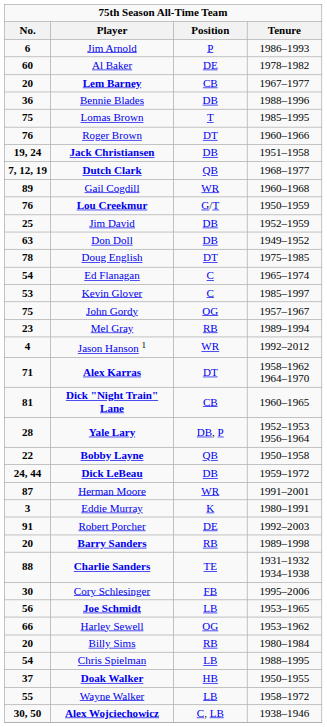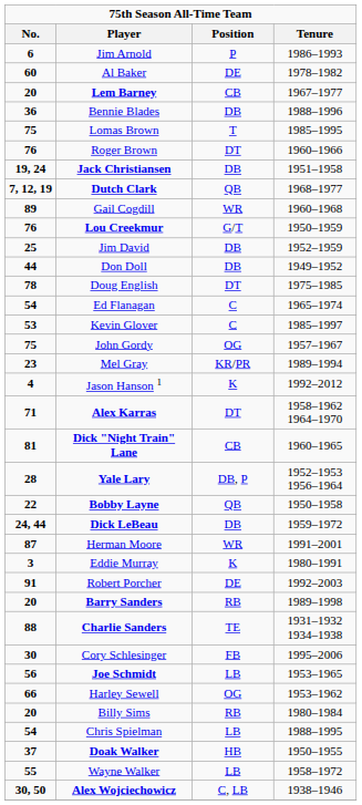 <table class="wikitable sortable" style="text-align:center">
 <tr>
 <td colspan="5"><strong>75th Season All-Time Team</strong></td>
 </tr>
 <tr>
 <th width=60px>No.</th>
 <th width=170px>Player</th>
 <th width=100px>Position</th>
 <th width=100px>Tenure</th>
 </tr>
 <tr>
 <td><strong>6</strong></td>
 <td><a href='#'>Jim Arnold</a></td>
 <td><a href='#'>P</a></td>
 <td>1986–1993</td>
 </tr>
 <tr>
 <td><strong>60</strong></td>
 <td><a href='#'>Al Baker</a></td>
 <td><a href='#'>DE</a></td>
 <td>1978–1982</td>
 </tr>
 <tr>
 <td><strong>20</strong></td>
 <td><strong><a href='#'>Lem Barney</a></strong></td>
 <td><a href='#'>CB</a></td>
 <td>1967–1977</td>
 </tr>
 <tr>
 <td><strong>36</strong></td>
 <td><a href='#'>Bennie Blades</a></td>
 <td><a href='#'>DB</a></td>
 <td>1988–1996</td>
 </tr>
 <tr>
 <td><strong>75</strong></td>
 <td><a href='#'>Lomas Brown</a></td>
 <td><a href='#'>T</a></td>
 <td>1985–1995</td>
 </tr>
 <tr>
 <td><strong>76</strong></td>
 <td><a href='#'>Roger Brown</a></td>
 <td><a href='#'>DT</a></td>
 <td>1960–1966</td>
 </tr>
 <tr>
 <td><strong>19, 24</strong></td>
 <td><strong><a href='#'>Jack Christiansen</a></strong></td>
 <td><a href='#'>DB</a></td>
 <td>1951–1958</td>
 </tr>
 <tr>
 <td><strong>7, 12, 19</strong></td>
 <td><strong><a href='#'>Dutch Clark</a></strong></td>
 <td><a href='#'>QB</a></td>
 <td>1968–1977</td>
 </tr>
 <tr>
 <td><strong>89</strong></td>
 <td><a href='#'>Gail Cogdill</a></td>
 <td><a href='#'>WR</a></td>
 <td>1960–1968</td>
 </tr>
 <tr>
 <td><strong>76</strong></td>
 <td><strong><a href='#'>Lou Creekmur</a></strong></td>
 <td><a href='#'>G</a>/<a href='#'>T</a></td>
 <td>1950–1959</td>
 </tr>
 <tr>
 <td><strong>25</strong></td>
 <td><a href='#'>Jim David</a></td>
 <td><a href='#'>DB</a></td>
 <td>1952–1959</td>
 </tr>
 <tr>
-<td><strong>63</strong></td>
+<td><strong>44</strong></td>
 <td><a href='#'>Don Doll</a></td>
 <td><a href='#'>DB</a></td>
 <td>1949–1952</td>
 </tr>
 <tr>
 <td><strong>78</strong></td>
 <td><a href='#'>Doug English</a></td>
 <td><a href='#'>DT</a></td>
 <td>1975–1985</td>
 </tr>
 <tr>
 <td><strong>54</strong></td>
 <td><a href='#'>Ed Flanagan</a></td>
 <td><a href='#'>C</a></td>
 <td>1965–1974</td>
 </tr>
 <tr>
 <td><strong>53</strong></td>
 <td><a href='#'>Kevin Glover</a></td>
 <td><a href='#'>C</a></td>
 <td>1985–1997</td>
 </tr>
 <tr>
 <td><strong>75</strong></td>
 <td><a href='#'>John Gordy</a></td>
 <td><a href='#'>OG</a></td>
 <td>1957–1967</td>
 </tr>
 <tr>
 <td><strong>23</strong></td>
 <td><a href='#'>Mel Gray</a></td>
-<td><a href='#'>RB</a></td>
+<td><a href='#'>KR</a>/<a href='#'>PR</a></td>
 <td>1989–1994</td>
 </tr>
 <tr>
 <td><strong>4</strong></td>
 <td><a href='#'>Jason Hanson</a> <sup>1</sup></td>
-<td><a href='#'>WR</a></td>
+<td><a href='#'>K</a></td>
 <td>1992–2012</td>
 </tr>
 <tr>
 <td><strong>71</strong></td>
 <td><strong><a href='#'>Alex Karras</a></strong></td>
 <td><a href='#'>DT</a></td>
 <td>1958–1962 <br>1964–1970</td>
 </tr>
 <tr>
 <td><strong>81</strong></td>
 <td><strong><a href='#'>Dick "Night Train" Lane</a></strong></td>
 <td><a href='#'>CB</a></td>
 <td>1960–1965</td>
 </tr>
 <tr>
 <td><strong>28</strong></td>
 <td><strong><a href='#'>Yale Lary</a></strong></td>
 <td><a href='#'>DB</a>, <a href='#'>P</a></td>
 <td>1952–1953<br>1956–1964</td>
 </tr>
 <tr>
 <td><strong>22</strong></td>
 <td><strong><a href='#'>Bobby Layne</a></strong></td>
 <td><a href='#'>QB</a></td>
 <td>1950–1958</td>
 </tr>
 <tr>
 <td><strong>24, 44</strong></td>
 <td><strong><a href='#'>Dick LeBeau</a></strong></td>
 <td><a href='#'>DB</a></td>
 <td>1959–1972</td>
 </tr>
 <tr>
 <td><strong>87</strong></td>
 <td><a href='#'>Herman Moore</a></td>
 <td><a href='#'>WR</a></td>
 <td>1991–2001</td>
 </tr>
 <tr>
 <td><strong>3</strong></td>
 <td><a href='#'>Eddie Murray</a></td>
 <td><a href='#'>K</a></td>
 <td>1980–1991</td>
 </tr>
 <tr>
 <td><strong>91</strong></td>
 <td><a href='#'>Robert Porcher</a></td>
 <td><a href='#'>DE</a></td>
 <td>1992–2003</td>
 </tr>
 <tr>
 <td><strong>20</strong></td>
 <td><strong><a href='#'>Barry Sanders</a></strong></td>
 <td><a href='#'>RB</a></td>
 <td>1989–1998</td>
 </tr>
 <tr>
 <td><strong>88</strong></td>
 <td><strong><a href='#'>Charlie Sanders</a></strong></td>
 <td><a href='#'>TE</a></td>
 <td>1931–1932 <br>1934–1938</td>
 </tr>
 <tr>
 <td><strong>30</strong></td>
 <td><a href='#'>Cory Schlesinger</a></td>
 <td><a href='#'>FB</a></td>
 <td>1995–2006</td>
 </tr>
 <tr>
 <td><strong>56</strong></td>
 <td><strong><a href='#'>Joe Schmidt</a></strong></td>
 <td><a href='#'>LB</a></td>
 <td>1953–1965</td>
 </tr>
 <tr>
 <td><strong>66</strong></td>
 <td><a href='#'>Harley Sewell</a></td>
 <td><a href='#'>OG</a></td>
 <td>1953–1962</td>
 </tr>
 <tr>
 <td><strong>20</strong></td>
 <td><a href='#'>Billy Sims</a></td>
 <td><a href='#'>RB</a></td>
 <td>1980–1984</td>
 </tr>
 <tr>
 <td><strong>54</strong></td>
 <td><a href='#'>Chris Spielman</a></td>
 <td><a href='#'>LB</a></td>
 <td>1988–1995</td>
 </tr>
 <tr>
 <td><strong>37</strong></td>
 <td><strong><a href='#'>Doak Walker</a></strong></td>
 <td><a href='#'>HB</a></td>
 <td>1950–1955</td>
 </tr>
 <tr>
 <td><strong>55</strong></td>
 <td><a href='#'>Wayne Walker</a></td>
 <td><a href='#'>LB</a></td>
 <td>1958–1972</td>
 </tr>
 <tr>
 <td><strong>30, 50</strong></td>
 <td><strong><a href='#'>Alex Wojciechowicz</a></strong></td>
 <td><a href='#'>C</a>, <a href='#'>LB</a></td>
 <td>1938–1946</td>
 </tr>
 <tr>
 </tr>
 </table>
